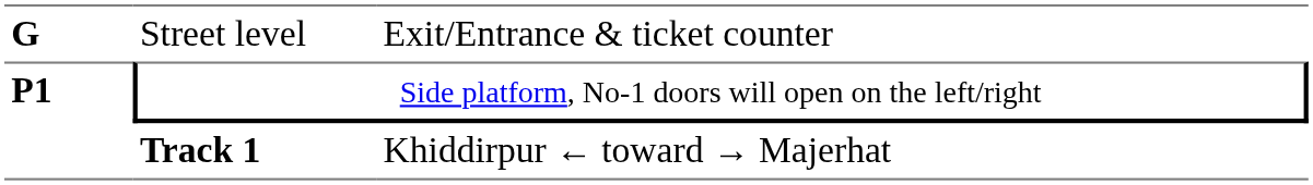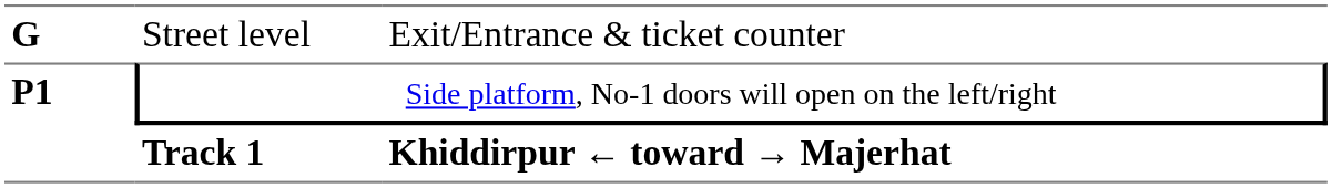 <table table border=0 cellspacing=0 cellpadding=3>
 <tr>
 <td style="border-top:solid 1px gray;" width=50 valign=top><strong>G</strong></td>
 <td style="border-top:solid 1px gray;" width=100 valign=top>Street level</td>
 <td style="border-top:solid 1px gray;" width=400 valign=top>Exit/Entrance & ticket counter</td>
 </tr>
 <tr>
 <td style="border-top:solid 1px gray;border-bottom:solid 1px gray;" width=50 rowspan=6 valign=top><strong>P1</strong></td>
 <td style="border-top:solid 1px gray;border-right:solid 2px black;border-left:solid 2px black;border-bottom:solid 2px black;text-align:center;" colspan=2><small><a href='#'>Side platform</a>, No-1 doors will open on the left/right</small></td>
 </tr>
 <tr>
 <td style="border-bottom:solid 1px gray;" width=100><strong>Track 1</strong></td>
-<td style="border-bottom:solid 1px gray;" width=400>Khiddirpur ← toward → Majerhat</td>
+<td style="border-bottom:solid 1px gray;" width=400><strong>Khiddirpur ← toward → Majerhat</strong></td>
 </tr>
 <tr>
 </tr>
 </table>
